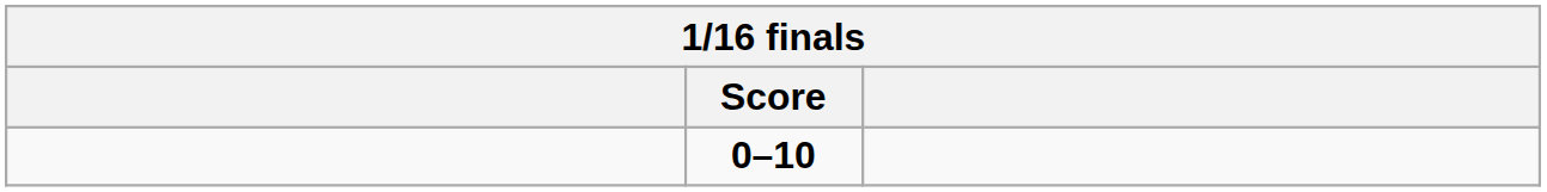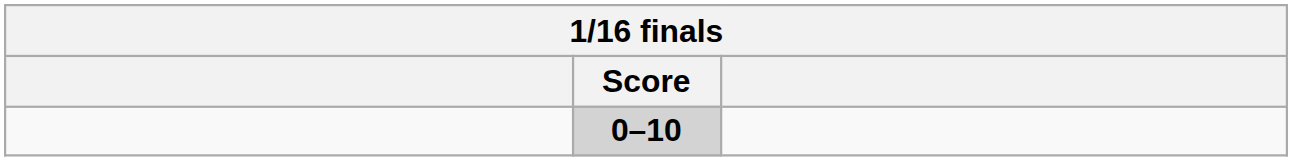 <table class="wikitable" style="text-align: center; font-size:90% ">
 <tr>
 <th colspan=3>1/16 finals</th>
 </tr>
 <tr>
 <th align="right" width="250"></th>
 <th width="60">Score</th>
 <th align="left" width="250"></th>
 </tr>
 <tr>
 <td align=left></td>
-<td align=center><strong>0–10</strong></td>
+<td align=center style="background: lightgrey;"><strong>0–10</strong></td>
 <td align=left><strong></strong></td>
 </tr>
 </table>
